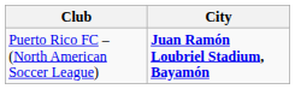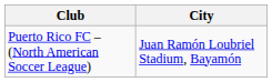 <table class="wikitable">
 <tr>
 <th width="150px">Club</th>
 <th width="150px">City</th>
 </tr>
 <tr>
 <td><a href='#'>Puerto Rico FC</a> – (<a href='#'>North American Soccer League</a>)</td>
-<td><strong><a href='#'>Juan Ramón Loubriel Stadium</a>, <a href='#'>Bayamón</a></strong></td>
+<td><a href='#'>Juan Ramón Loubriel Stadium</a>, <a href='#'>Bayamón</a></td>
 </tr>
 </table>
